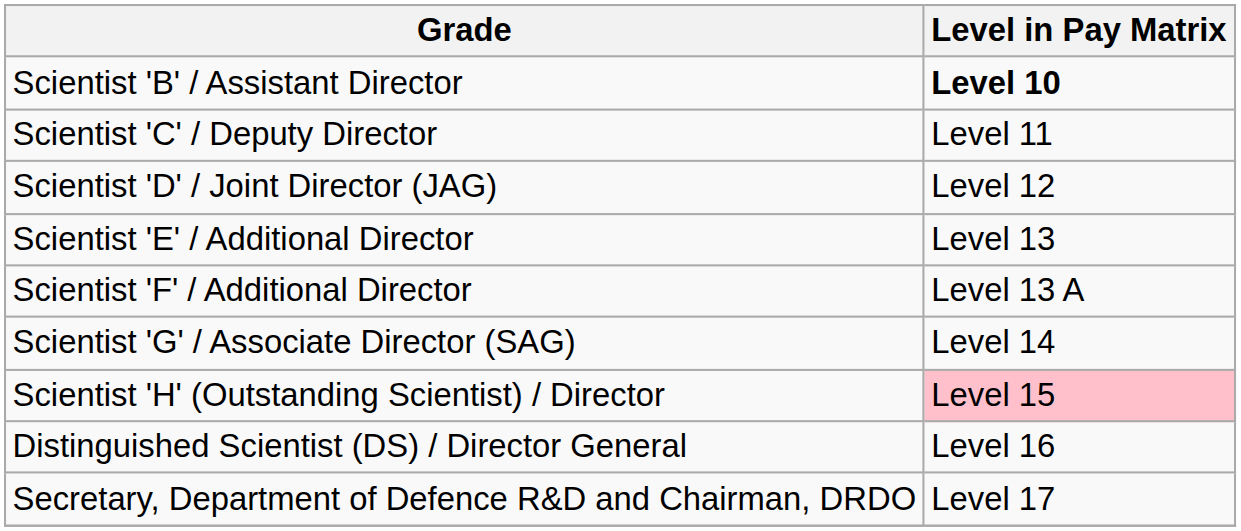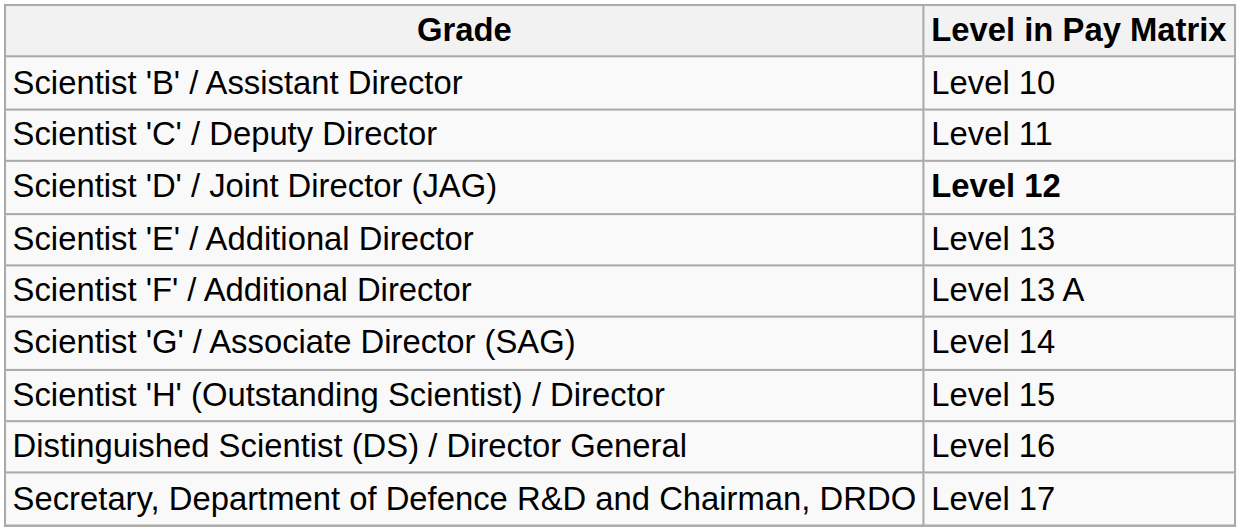 <table class="wikitable">
 <tr>
 <th>Grade</th>
 <th>Level in Pay Matrix</th>
 </tr>
 <tr>
 <td>Scientist 'B' / Assistant Director</td>
-<td><strong>Level 10</strong></td>
+<td>Level 10</td>
 </tr>
 <tr>
 <td>Scientist 'C' / Deputy Director</td>
 <td>Level 11</td>
 </tr>
 <tr>
 <td>Scientist 'D' / Joint Director (JAG)</td>
-<td>Level 12</td>
+<td><strong>Level 12</strong></td>
 </tr>
 <tr>
 <td>Scientist 'E' / Additional Director</td>
 <td>Level 13</td>
 </tr>
 <tr>
 <td>Scientist 'F' / Additional Director</td>
 <td>Level 13 A</td>
 </tr>
 <tr>
 <td>Scientist 'G' / Associate Director	(SAG)</td>
 <td>Level 14</td>
 </tr>
 <tr>
 <td>Scientist 'H' (Outstanding Scientist) / Director</td>
-<td style="background: pink;">Level 15</td>
+<td>Level 15</td>
 </tr>
 <tr>
 <td>Distinguished Scientist (DS) / Director General</td>
 <td>Level 16</td>
 </tr>
 <tr>
 <td>Secretary, Department of Defence R&D and Chairman, DRDO</td>
 <td>Level 17</td>
 </tr>
 <tr>
 </tr>
 </table>
